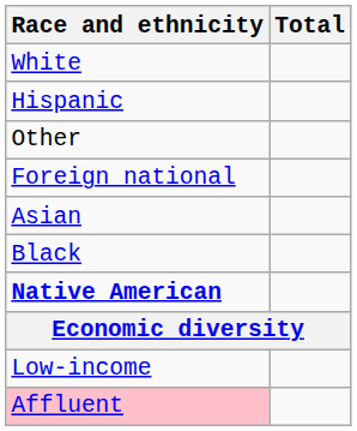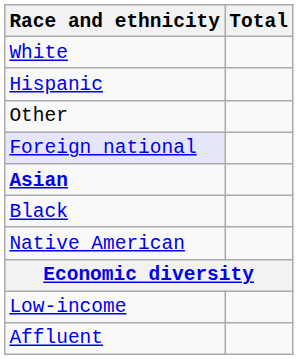 <table class="wikitable floatright sortable collapsible"; text-align:right; font-size:80%;">
 <tr>
 <th>Race and ethnicity</th>
 <th colspan="2" data-sort-type=number>Total</th>
 </tr>
 <tr>
 <td><a href='#'>White</a></td>
 <td align=right></td>
 </tr>
 <tr>
 <td><a href='#'>Hispanic</a></td>
 <td align=right></td>
 </tr>
 <tr>
 <td>Other</td>
 <td align=right></td>
 </tr>
 <tr>
-<td><a href='#'>Foreign national</a></td>
+<td style="background: lavender;"><a href='#'>Foreign national</a></td>
 <td align=right></td>
 </tr>
 <tr>
-<td><a href='#'>Asian</a></td>
+<td><strong><a href='#'>Asian</a></strong></td>
 <td align=right></td>
 </tr>
 <tr>
 <td><a href='#'>Black</a></td>
 <td align=right></td>
 </tr>
 <tr>
-<td><strong><a href='#'>Native American</a></strong></td>
+<td><a href='#'>Native American</a></td>
 <td align=right></td>
 </tr>
 <tr>
 <th colspan="4" data-sort-type=number><a href='#'>Economic diversity</a></th>
 </tr>
 <tr>
 <td><a href='#'>Low-income</a></td>
 <td align=right></td>
 </tr>
 <tr>
-<td style="background: pink;"><a href='#'>Affluent</a></td>
+<td><a href='#'>Affluent</a></td>
 <td align=right></td>
 </tr>
 </table>
